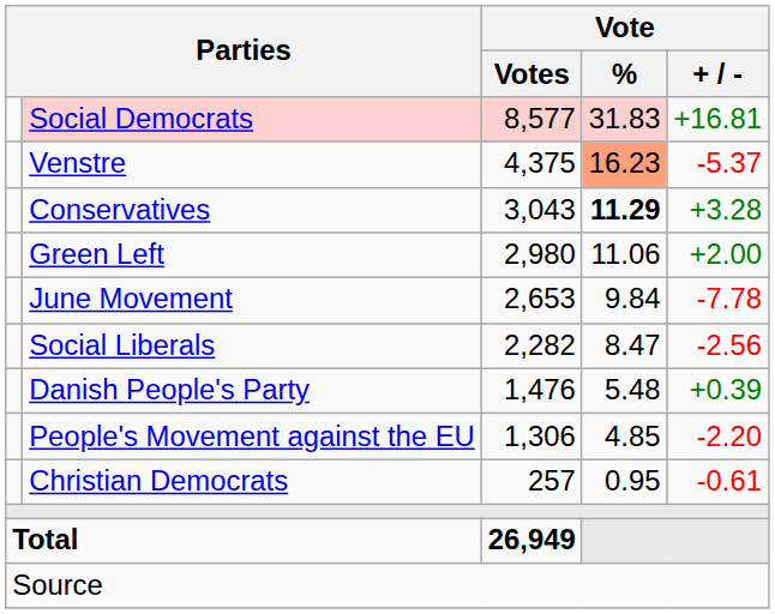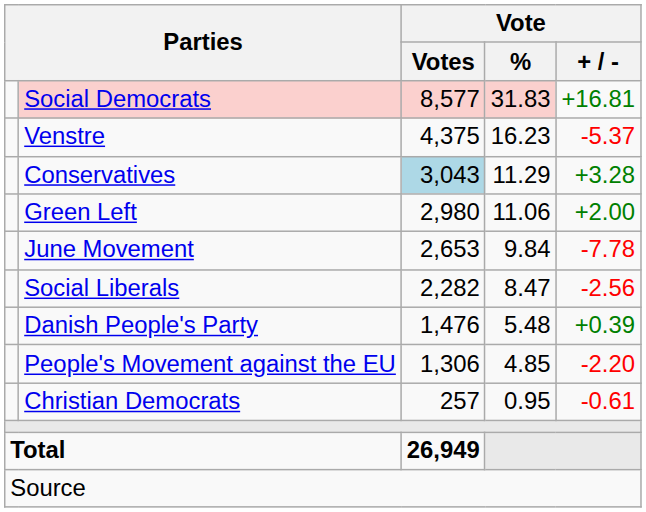 <table class="wikitable" style="text-align:right;">
 <tr>
 <th style="text-align:centre;" rowspan="2" colspan="2" width="225">Parties</th>
 <th colspan="3">Vote</th>
 </tr>
 <tr>
 <th width="15">Votes</th>
 <th width="15">%</th>
 <th width="15">+ / -</th>
 </tr>
 <tr>
 <td width="2" style="color:inherit;background:"></td>
 <td bgcolor=#fbd0ce   align="left"><a href='#'>Social Democrats</a></td>
 <td bgcolor=#fbd0ce>8,577</td>
 <td bgcolor=#fbd0ce>31.83</td>
 <td style=color:green;>+16.81</td>
 </tr>
 <tr>
 <td width="2" style="color:inherit;background:"></td>
 <td align="left"><a href='#'>Venstre</a></td>
 <td>4,375</td>
-<td style="background: lightsalmon;">16.23</td>
+<td>16.23</td>
 <td style=color:red;>-5.37</td>
 </tr>
 <tr>
 <td width="2" style="color:inherit;background:"></td>
 <td align="left"><a href='#'>Conservatives</a></td>
-<td>3,043</td>
-<td><strong>11.29</strong></td>
+<td style="background: lightblue;">3,043</td>
+<td>11.29</td>
 <td style=color:green;>+3.28</td>
 </tr>
 <tr>
 <td width="2" style="color:inherit;background:"></td>
 <td align="left"><a href='#'>Green Left</a></td>
 <td>2,980</td>
 <td>11.06</td>
 <td style=color:green;>+2.00</td>
 </tr>
 <tr>
 <td width="2" style="color:inherit;background:"></td>
 <td align="left"><a href='#'>June Movement</a></td>
 <td>2,653</td>
 <td>9.84</td>
 <td style=color:red;>-7.78</td>
 </tr>
 <tr>
 <td width="2" style="color:inherit;background:"></td>
 <td align="left"><a href='#'>Social Liberals</a></td>
 <td>2,282</td>
 <td>8.47</td>
 <td style=color:red;>-2.56</td>
 </tr>
 <tr>
 <td width="2" style="color:inherit;background:"></td>
 <td align="left"><a href='#'>Danish People's Party</a></td>
 <td>1,476</td>
 <td>5.48</td>
 <td style=color:green;>+0.39</td>
 </tr>
 <tr>
 <td width="2" style="color:inherit;background:"></td>
 <td align="left"><a href='#'>People's Movement against the EU</a></td>
 <td>1,306</td>
 <td>4.85</td>
 <td style=color:red;>-2.20</td>
 </tr>
 <tr>
 <td width="2" style="color:inherit;background:"></td>
 <td align="left"><a href='#'>Christian Democrats</a></td>
 <td>257</td>
 <td>0.95</td>
 <td style=color:red;>-0.61</td>
 </tr>
 <tr>
 <td colspan="7" bgcolor="#E9E9E9"></td>
 </tr>
 <tr>
 <td align="left" colspan="2"><strong>Total</strong></td>
 <td><strong>26,949</strong></td>
 <td bgcolor="#E9E9E9" colspan="2"></td>
 </tr>
 <tr>
 <td align="left" colspan="6">Source</td>
 </tr>
 </table>
